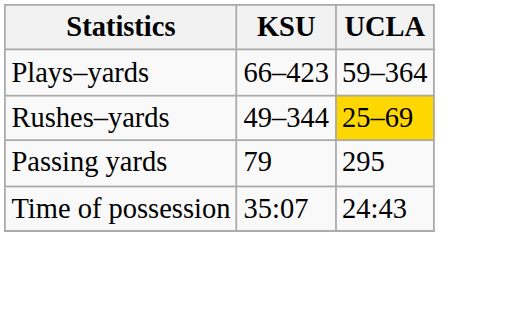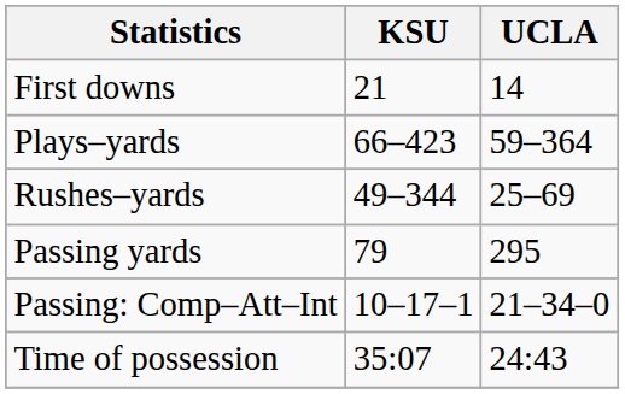 <table class="wikitable">
 <tr>
 <th>Statistics</th>
 <th>KSU</th>
 <th>UCLA</th>
+</tr>
+<tr>
+<td>First downs</td>
+<td>21</td>
+<td>14</td>
 </tr>
 <tr>
 <td>Plays–yards</td>
 <td>66–423</td>
 <td>59–364</td>
 </tr>
 <tr>
 <td>Rushes–yards</td>
 <td>49–344</td>
-<td style="background: gold;">25–69</td>
+<td>25–69</td>
 </tr>
 <tr>
 <td>Passing yards</td>
 <td>79</td>
 <td>295</td>
+</tr>
+<tr>
+<td>Passing: Comp–Att–Int</td>
+<td>10–17–1</td>
+<td>21–34–0</td>
 </tr>
 <tr>
 <td>Time of possession</td>
 <td>35:07</td>
 <td>24:43</td>
 </tr>
 <tr>
 </tr>
 </table>
